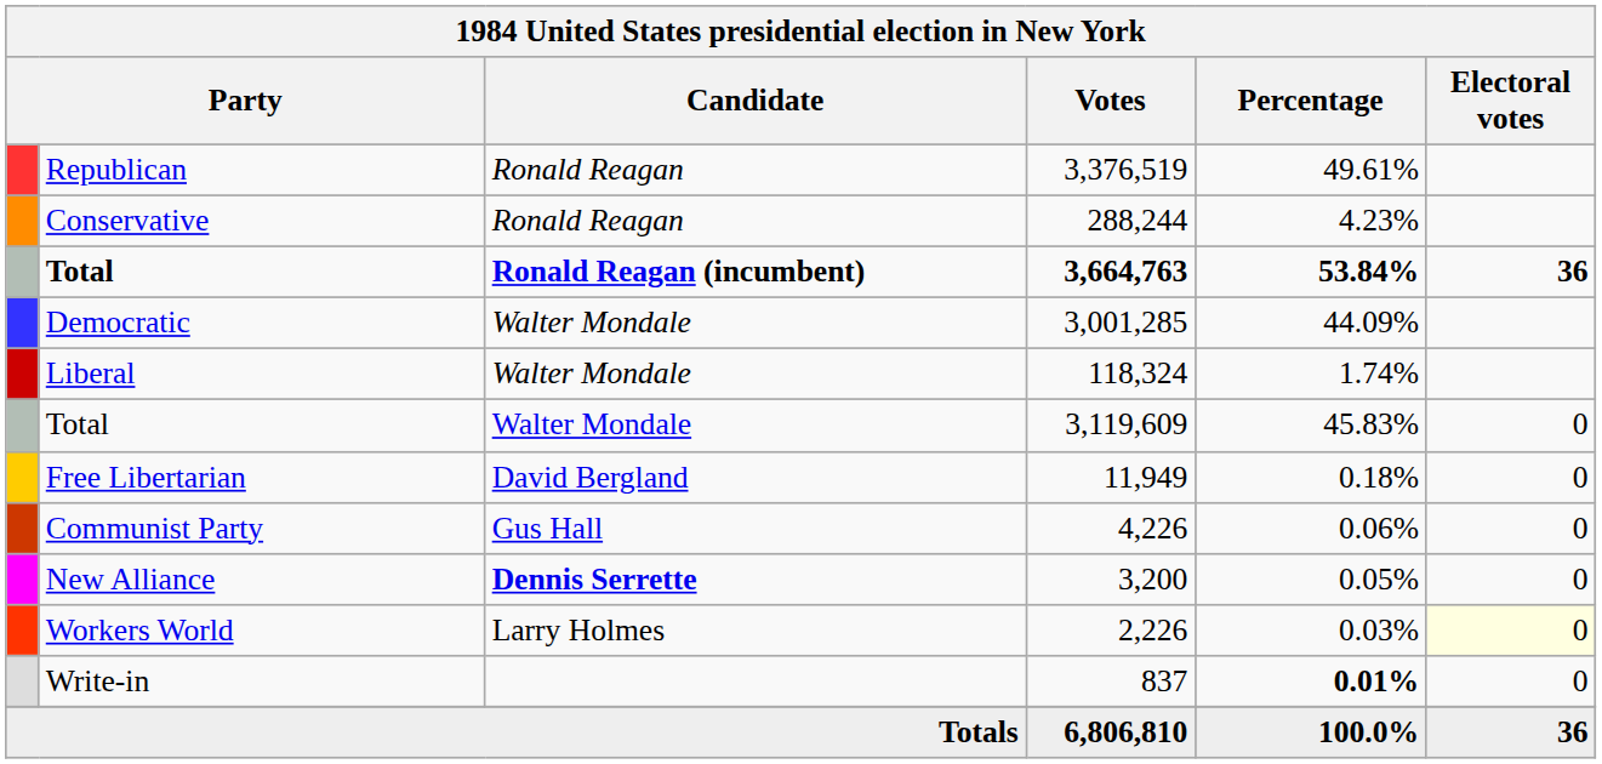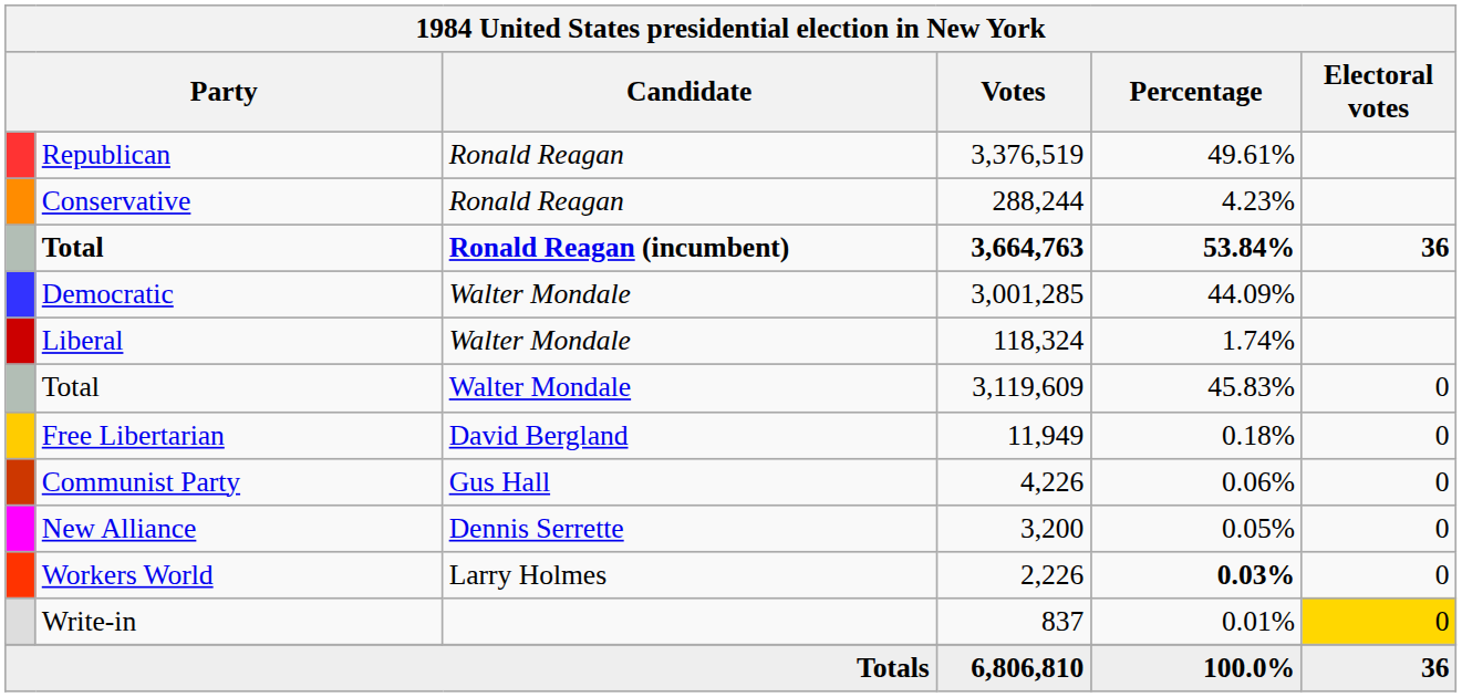 <table class="wikitable" style="font-size: 95%;">
 <tr>
 <th colspan="6">1984 United States presidential election in New York</th>
 </tr>
 <tr>
 <th colspan="2" style="width: 15em">Party</th>
 <th style="width: 17em">Candidate</th>
 <th style="width: 5em">Votes</th>
 <th style="width: 7em">Percentage</th>
 <th style="width: 5em">Electoral votes</th>
 </tr>
 <tr>
 <th style="background-color:#FF3333; width: 3px"></th>
 <td style="width: 130px"><a href='#'>Republican</a></td>
 <td><em>Ronald Reagan</em></td>
 <td align="right">3,376,519</td>
 <td align="right">49.61%</td>
 <td align="right"></td>
 </tr>
 <tr>
 <th style="background-color:#FF8C00; width: 3px"></th>
 <td style="width: 130px"><a href='#'>Conservative</a></td>
 <td><em>Ronald Reagan</em></td>
 <td align="right">288,244</td>
 <td align="right">4.23%</td>
 <td align="right"></td>
 </tr>
 <tr>
 <th style="background-color:#B2BEB5; width: 3px"></th>
 <td style="width: 130px"><strong>Total</strong></td>
 <td><strong><a href='#'>Ronald Reagan</a> (incumbent)</strong></td>
 <td align="right"><strong>3,664,763</strong></td>
 <td align="right"><strong>53.84%</strong></td>
 <td align="right"><strong>36</strong></td>
 </tr>
 <tr>
 <th style="background-color:#3333FF; width: 3px"></th>
 <td style="width: 130px"><a href='#'>Democratic</a></td>
 <td><em>Walter Mondale</em></td>
 <td align="right">3,001,285</td>
 <td align="right">44.09%</td>
 <td align="right"></td>
 </tr>
 <tr>
 <th style="background-color:#CC0000; width: 3px"></th>
 <td style="width: 130px"><a href='#'>Liberal</a></td>
 <td><em>Walter Mondale</em></td>
 <td align="right">118,324</td>
 <td align="right">1.74%</td>
 <td align="right"></td>
 </tr>
 <tr>
 <th style="background-color:#B2BEB5; width: 3px"></th>
 <td style="width: 130px">Total</td>
 <td><a href='#'>Walter Mondale</a></td>
 <td align="right">3,119,609</td>
 <td align="right">45.83%</td>
 <td align="right">0</td>
 </tr>
 <tr>
 <th style="background-color:#FFCC00; width: 3px"></th>
 <td style="width: 130px"><a href='#'>Free Libertarian</a></td>
 <td><a href='#'>David Bergland</a></td>
 <td align="right">11,949</td>
 <td align="right">0.18%</td>
 <td align="right">0</td>
 </tr>
 <tr>
 <th style="background-color:#CD3700; width: 3px"></th>
 <td style="width: 130px"><a href='#'>Communist Party</a></td>
 <td><a href='#'>Gus Hall</a></td>
 <td align="right">4,226</td>
 <td align="right">0.06%</td>
 <td align="right">0</td>
 </tr>
 <tr>
 <th style="background-color:#FF00FF; width: 3px"></th>
 <td style="width: 130px"><a href='#'>New Alliance</a></td>
-<td><strong><a href='#'>Dennis Serrette</a></strong></td>
+<td><a href='#'>Dennis Serrette</a></td>
 <td align="right">3,200</td>
 <td align="right">0.05%</td>
 <td align="right">0</td>
 </tr>
 <tr>
 <th style="background-color:#FF3300; width: 3px"></th>
 <td style="width: 130px"><a href='#'>Workers World</a></td>
 <td>Larry Holmes</td>
 <td align="right">2,226</td>
-<td align="right">0.03%</td>
-<td align="right" style="background: lightyellow;">0</td>
+<td align="right"><strong>0.03%</strong></td>
+<td align="right">0</td>
 </tr>
 <tr>
 <th style="background-color:#DDDDDD; width: 3px"></th>
 <td style="width: 130px">Write-in</td>
 <td></td>
 <td align="right">837</td>
-<td align="right"><strong>0.01%</strong></td>
-<td align="right">0</td>
+<td align="right">0.01%</td>
+<td align="right" style="background: gold;">0</td>
 </tr>
 <tr>
 </tr>
 <tr bgcolor="#EEEEEE">
 <td colspan="3" align="right"><strong>Totals</strong></td>
 <td align="right"><strong>6,806,810</strong></td>
 <td align="right"><strong>100.0%</strong></td>
 <td align="right"><strong>36</strong></td>
 </tr>
 </table>
